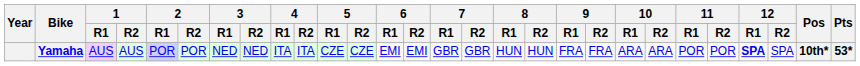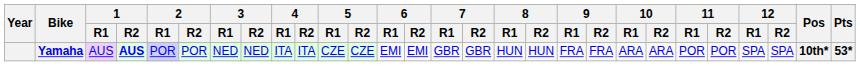 <table class="wikitable" style="text-align:center; font-size:90%;">
 <tr>
 <th rowspan="2">Year</th>
 <th rowspan="2">Bike</th>
 <th colspan="2">1</th>
 <th colspan="2">2</th>
 <th colspan="2">3</th>
 <th colspan="2">4</th>
 <th colspan="2">5</th>
 <th colspan="2">6</th>
 <th colspan="2">7</th>
 <th colspan="2">8</th>
 <th colspan="2">9</th>
 <th colspan="2">10</th>
 <th colspan="2">11</th>
 <th colspan="2">12</th>
 <th rowspan="2">Pos</th>
 <th rowspan="2">Pts</th>
 </tr>
 <tr>
 <th>R1</th>
 <th>R2</th>
 <th>R1</th>
 <th>R2</th>
 <th>R1</th>
 <th>R2</th>
 <th>R1</th>
 <th>R2</th>
 <th>R1</th>
 <th>R2</th>
 <th>R1</th>
 <th>R2</th>
 <th>R1</th>
 <th>R2</th>
 <th>R1</th>
 <th>R2</th>
 <th>R1</th>
 <th>R2</th>
 <th>R1</th>
 <th>R2</th>
 <th>R1</th>
 <th>R2</th>
 <th>R1</th>
 <th>R2</th>
 </tr>
 <tr>
 <th></th>
 <th><a href='#'>Yamaha</a></th>
 <td style="background:#EFCFFF;"><a href='#'>AUS</a><br></td>
-<td style="background:#DFFFDF;"><a href='#'>AUS</a><br></td>
+<td style="background:#DFFFDF;"><strong><a href='#'>AUS</a><br></strong></td>
 <td style="background:#CFCFFF;"><a href='#'>POR</a><br></td>
 <td style="background:#DFFFDF;"><a href='#'>POR</a><br></td>
 <td style="background:#DFFFDF;"><a href='#'>NED</a><br></td>
 <td style="background:#DFFFDF;"><a href='#'>NED</a><br></td>
 <td style="background:#DFFFDF;"><a href='#'>ITA</a><br></td>
 <td style="background:#DFFFDF;"><a href='#'>ITA</a><br></td>
 <td style="background:#DFFFDF;"><a href='#'>CZE</a><br></td>
 <td style="background:#DFFFDF;"><a href='#'>CZE</a><br></td>
 <td style="background:#;"><a href='#'>EMI</a><br></td>
 <td style="background:#;"><a href='#'>EMI</a><br></td>
 <td style="background:#;"><a href='#'>GBR</a><br></td>
 <td style="background:#;"><a href='#'>GBR</a><br></td>
 <td style="background:#;"><a href='#'>HUN</a><br></td>
 <td style="background:#;"><a href='#'>HUN</a><br></td>
 <td style="background:#;"><a href='#'>FRA</a><br></td>
 <td style="background:#;"><a href='#'>FRA</a><br></td>
 <td style="background:#;"><a href='#'>ARA</a><br></td>
 <td style="background:#;"><a href='#'>ARA</a><br></td>
 <td style="background:#;"><a href='#'>POR</a><br></td>
 <td style="background:#;"><a href='#'>POR</a><br></td>
-<td style="background:#;"><strong><a href='#'>SPA</a><br></strong></td>
+<td style="background:#;"><a href='#'>SPA</a><br></td>
 <td style="background:#;"><a href='#'>SPA</a><br></td>
 <th>10th*</th>
 <th>53*</th>
 </tr>
 </table>
